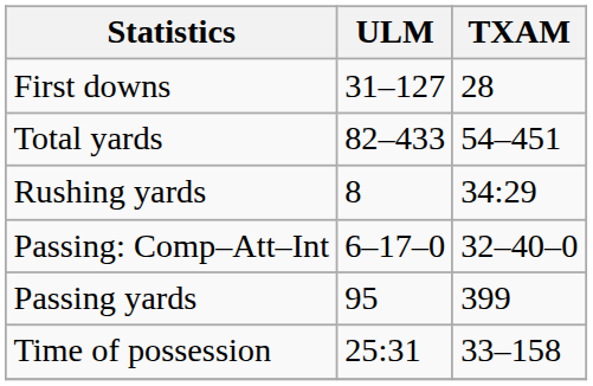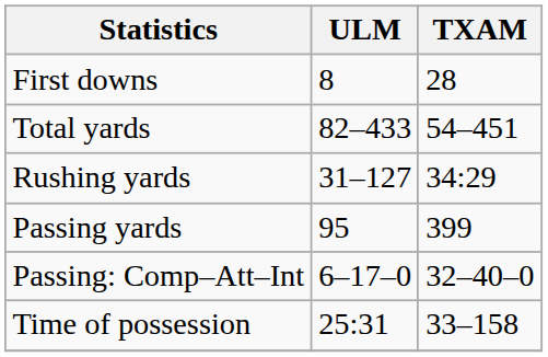 <table class="wikitable" style="float: left;">
 <tr>
 <th>Statistics</th>
 <th>ULM</th>
 <th>TXAM</th>
 </tr>
 <tr>
 <td>First downs</td>
-<td>31–127</td>
+<td>8</td>
 <td>28</td>
 </tr>
 <tr>
 <td>Total yards</td>
 <td>82–433</td>
 <td>54–451</td>
 </tr>
 <tr>
 <td>Rushing yards</td>
-<td>8</td>
+<td>31–127</td>
 <td>34:29</td>
+</tr>
+<tr>
+<td>Passing yards</td>
+<td>95</td>
+<td>399</td>
 </tr>
 <tr>
 <td>Passing: Comp–Att–Int</td>
 <td>6–17–0</td>
 <td>32–40–0</td>
-</tr>
-<tr>
-<td>Passing yards</td>
-<td>95</td>
-<td>399</td>
 </tr>
 <tr>
 <td>Time of possession</td>
 <td>25:31</td>
 <td>33–158</td>
 </tr>
 <tr>
 </tr>
 </table>
